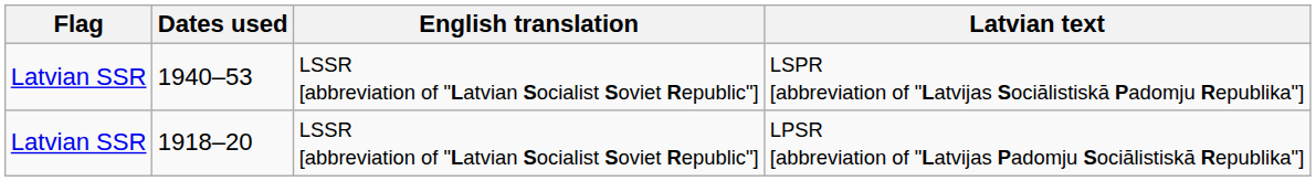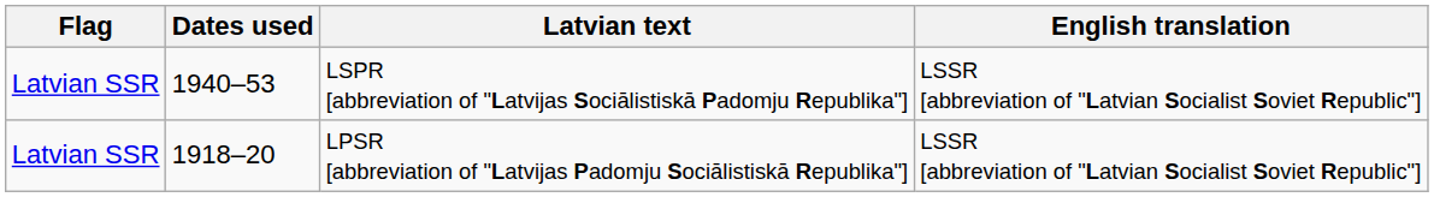 <table class="wikitable sortable noresize">
 <tr>
 <th>Flag</th>
 <th>Dates used</th>
+<th>Latvian text</th>
 <th>English translation</th>
-<th>Latvian text</th>
 </tr>
 <tr>
 <td> <a href='#'>Latvian SSR</a></td>
 <td>1940–53</td>
+<td><small>LSPR<br>[abbreviation of "<strong>L</strong>atvijas <strong>S</strong>ociālistiskā <strong>P</strong>adomju <strong>R</strong>epublika"]</small></td>
 <td><small>LSSR<br>[abbreviation of "<strong>L</strong>atvian <strong>S</strong>ocialist <strong>S</strong>oviet <strong>R</strong>epublic"]</small></td>
-<td><small>LSPR<br>[abbreviation of "<strong>L</strong>atvijas <strong>S</strong>ociālistiskā <strong>P</strong>adomju <strong>R</strong>epublika"]</small></td>
 </tr>
 <tr>
 <td> <a href='#'>Latvian SSR</a></td>
 <td>1918–20</td>
+<td><small>LPSR<br>[abbreviation of "<strong>L</strong>atvijas <strong>P</strong>adomju <strong>S</strong>ociālistiskā <strong>R</strong>epublika"]</small></td>
 <td><small>LSSR<br>[abbreviation of "<strong>L</strong>atvian <strong>S</strong>ocialist <strong>S</strong>oviet <strong>R</strong>epublic"]</small></td>
-<td><small>LPSR<br>[abbreviation of "<strong>L</strong>atvijas <strong>P</strong>adomju <strong>S</strong>ociālistiskā <strong>R</strong>epublika"]</small></td>
 </tr>
 </table>
